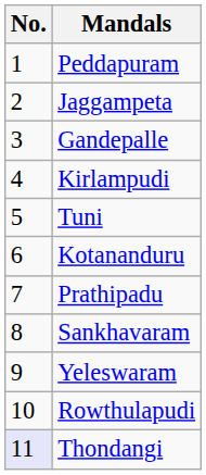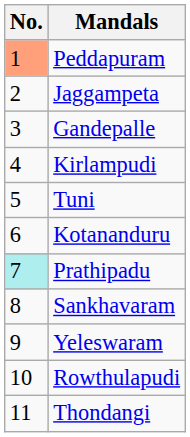 <table class="wikitable">
 <tr>
 <th>No.</th>
 <th>Mandals</th>
 </tr>
 <tr>
-<td>1</td>
+<td style="background: lightsalmon;">1</td>
 <td><a href='#'>Peddapuram</a></td>
 </tr>
 <tr>
 <td>2</td>
 <td><a href='#'>Jaggampeta</a></td>
 </tr>
 <tr>
 <td>3</td>
 <td><a href='#'>Gandepalle</a></td>
 </tr>
 <tr>
 <td>4</td>
 <td><a href='#'>Kirlampudi</a></td>
 </tr>
 <tr>
 <td>5</td>
 <td><a href='#'>Tuni</a></td>
 </tr>
 <tr>
 <td>6</td>
 <td><a href='#'>Kotananduru</a></td>
 </tr>
 <tr>
-<td>7</td>
+<td style="background: paleturquoise;">7</td>
 <td><a href='#'>Prathipadu</a></td>
 </tr>
 <tr>
 <td>8</td>
 <td><a href='#'>Sankhavaram</a></td>
 </tr>
 <tr>
 <td>9</td>
 <td><a href='#'>Yeleswaram</a></td>
 </tr>
 <tr>
 <td>10</td>
 <td><a href='#'>Rowthulapudi</a></td>
 </tr>
 <tr>
-<td style="background: lavender;">11</td>
+<td>11</td>
 <td><a href='#'>Thondangi</a></td>
 </tr>
 </table>
